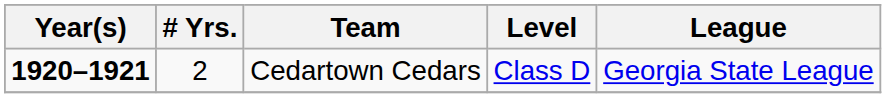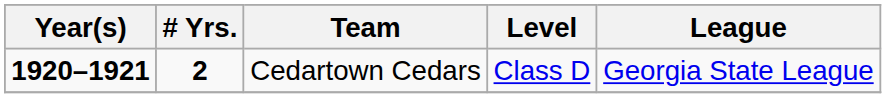 <table class="wikitable" style="text-align:center; font-size: 95%;">
 <tr>
 <th>Year(s)</th>
 <th># Yrs.</th>
 <th>Team</th>
 <th>Level</th>
 <th>League</th>
 </tr>
 <tr>
 <td><strong>1920–1921</strong></td>
-<td>2</td>
+<td><strong>2</strong></td>
 <td>Cedartown Cedars</td>
 <td><a href='#'>Class D</a></td>
 <td><a href='#'>Georgia State League</a></td>
 </tr>
 <tr>
 </tr>
 </table>
